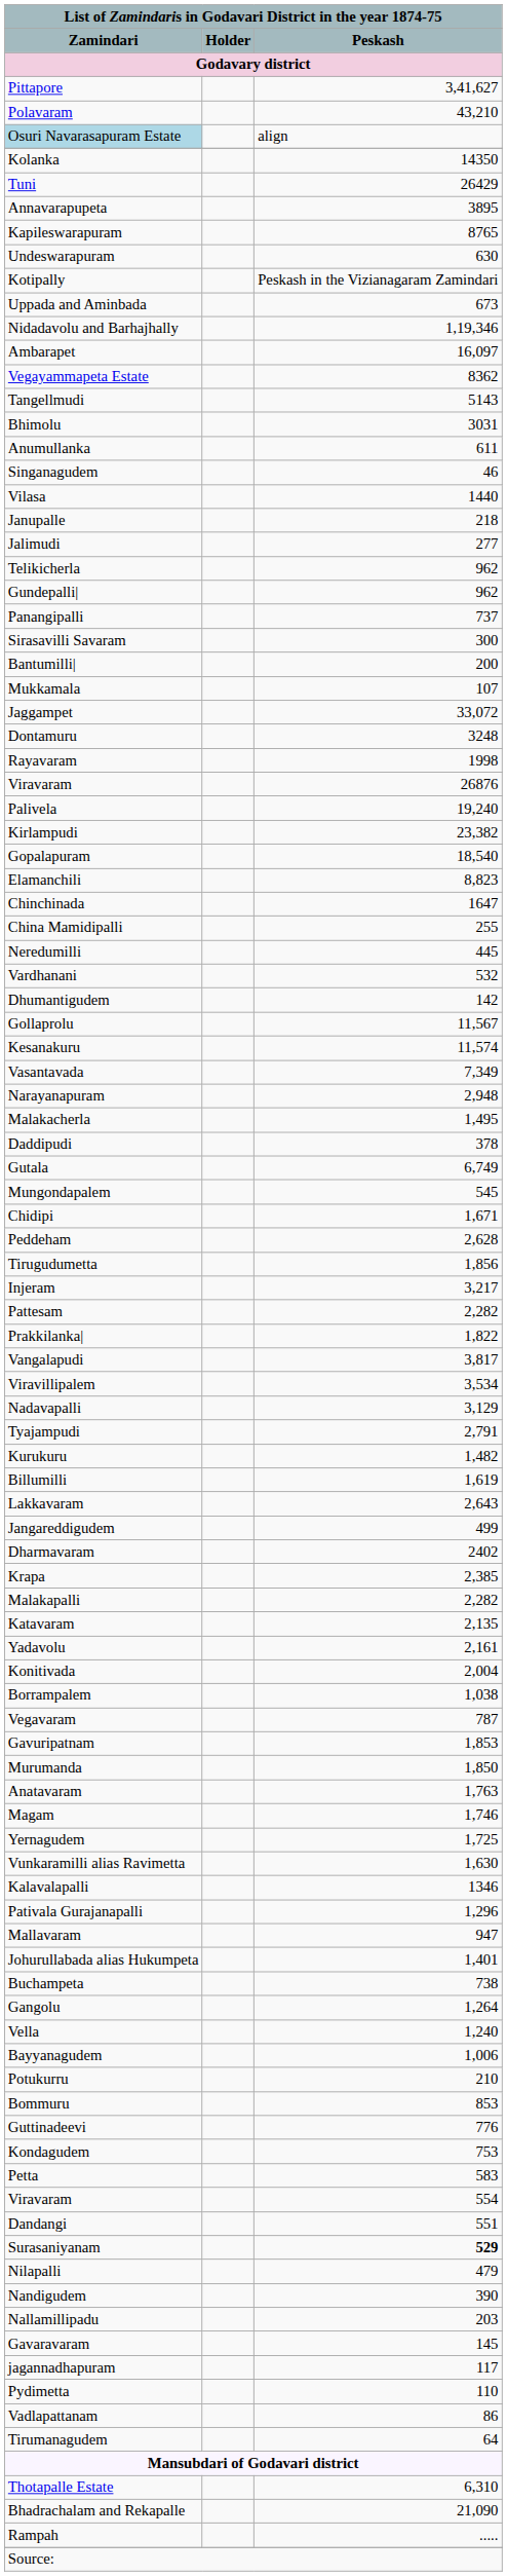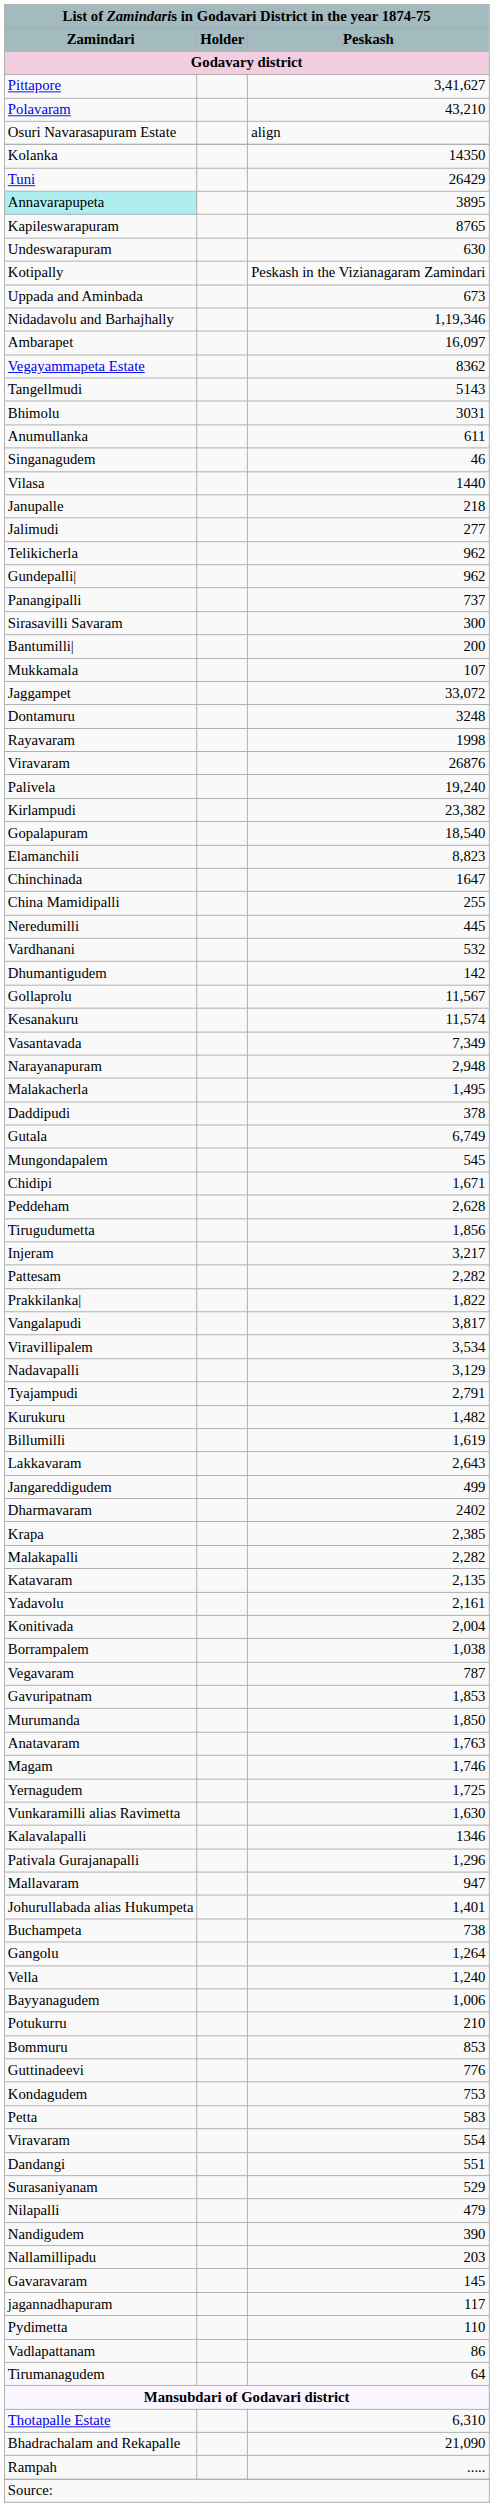 <table class="wikitable sortable" align="center">
 <tr>
 <th style="background-color:#A3BABF" colspan="3">List of <em>Zamindari</em>s in Godavari District in the year 1874-75</th>
 </tr>
 <tr>
 <th style="background-color:#A3BABF">Zamindari</th>
 <th style="background-color:#A3BABF">Holder</th>
 <th style="background-color:#A3BABF">Peskash</th>
 </tr>
 <tr>
 <th style="background-color:#F2CEE0" colspan="4" align="left">Godavary district</th>
 </tr>
 <tr>
 <td align="left"><a href='#'>Pittapore</a></td>
 <td align="right"></td>
 <td align="right">3,41,627</td>
 </tr>
 <tr>
 <td align="left"><a href='#'>Polavaram</a></td>
 <td align="right"></td>
 <td align="right">43,210</td>
 </tr>
 <tr>
-<td align="left" style="background: lightblue;">Osuri Navarasapuram Estate</td>
+<td align="left">Osuri Navarasapuram Estate</td>
 <td align="right"></td>
 <td>align</td>
 </tr>
 <tr>
 </tr>
 <tr>
 <td align="left">Kolanka</td>
 <td align="right"></td>
 <td align="right">14350</td>
 </tr>
 <tr>
 <td align="left"><a href='#'>Tuni</a></td>
 <td align="right"></td>
 <td align="right">26429</td>
 </tr>
 <tr>
-<td align="left">Annavarapupeta</td>
+<td align="left" style="background: paleturquoise;">Annavarapupeta</td>
 <td align="right"></td>
 <td align="right">3895</td>
 </tr>
 <tr>
 <td align="left">Kapileswarapuram</td>
 <td align="right"></td>
 <td align="right">8765</td>
 </tr>
 <tr>
 <td align="left">Undeswarapuram</td>
 <td align="right"></td>
 <td align="right">630</td>
 </tr>
 <tr>
 <td align="left">Kotipally</td>
 <td align="right"></td>
 <td align="right">Peskash in the Vizianagaram Zamindari</td>
 </tr>
 <tr>
 <td align="left">Uppada and Aminbada</td>
 <td align="right"></td>
 <td align="right">673</td>
 </tr>
 <tr>
 <td align="left">Nidadavolu and Barhajhally</td>
 <td align="right"></td>
 <td align="right">1,19,346</td>
 </tr>
 <tr>
 <td align="left">Ambarapet</td>
 <td align="right"></td>
 <td align="right">16,097</td>
 </tr>
 <tr>
 <td align="left"><a href='#'>Vegayammapeta Estate</a></td>
 <td align="right"></td>
 <td align="right">8362</td>
 </tr>
 <tr>
 <td align="left">Tangellmudi</td>
 <td align="right"></td>
 <td align="right">5143</td>
 </tr>
 <tr>
 <td align="left">Bhimolu</td>
 <td align="right"></td>
 <td align="right">3031</td>
 </tr>
 <tr>
 <td align="left">Anumullanka</td>
 <td align="right"></td>
 <td align="right">611</td>
 </tr>
 <tr>
 <td align="left">Singanagudem</td>
 <td align="right"></td>
 <td align="right">46</td>
 </tr>
 <tr>
 <td align="left">Vilasa</td>
 <td align="right"></td>
 <td align="right">1440</td>
 </tr>
 <tr>
 <td align="left">Janupalle</td>
 <td align="right"></td>
 <td align="right">218</td>
 </tr>
 <tr>
 <td align="left">Jalimudi</td>
 <td align="right"></td>
 <td align="right">277</td>
 </tr>
 <tr>
 <td align="left">Telikicherla</td>
 <td align="right"></td>
 <td align="right">962</td>
 </tr>
 <tr>
 <td align="left">Gundepalli|</td>
 <td align="right"></td>
 <td align="right">962</td>
 </tr>
 <tr>
 <td align="left">Panangipalli</td>
 <td align="right"></td>
 <td align="right">737</td>
 </tr>
 <tr>
 <td align="left">Sirasavilli Savaram</td>
 <td align="right"></td>
 <td align="right">300</td>
 </tr>
 <tr>
 <td align="left">Bantumilli|</td>
 <td align="right"></td>
 <td align="right">200</td>
 </tr>
 <tr>
 <td align="left">Mukkamala</td>
 <td align="right"></td>
 <td align="right">107</td>
 </tr>
 <tr>
 <td align="left">Jaggampet</td>
 <td align="right"></td>
 <td align="right">33,072</td>
 </tr>
 <tr>
 <td align="left">Dontamuru</td>
 <td align="right"></td>
 <td align="right">3248</td>
 </tr>
 <tr>
 <td align="left">Rayavaram</td>
 <td align="right"></td>
 <td align="right">1998</td>
 </tr>
 <tr>
 <td align="left">Viravaram</td>
 <td align="right"></td>
 <td align="right">26876</td>
 </tr>
 <tr>
 <td align="left">Palivela</td>
 <td align="right"></td>
 <td align="right">19,240</td>
 </tr>
 <tr>
 <td align="left">Kirlampudi</td>
 <td align="right"></td>
 <td align="right">23,382</td>
 </tr>
 <tr>
 <td align="left">Gopalapuram</td>
 <td align="right"></td>
 <td align="right">18,540</td>
 </tr>
 <tr>
 <td align="left">Elamanchili</td>
 <td align="right"></td>
 <td align="right">8,823</td>
 </tr>
 <tr>
 <td align="left">Chinchinada</td>
 <td align="right"></td>
 <td align="right">1647</td>
 </tr>
 <tr>
 <td align="left">China Mamidipalli</td>
 <td align="right"></td>
 <td align="right">255</td>
 </tr>
 <tr>
 <td align="left">Neredumilli</td>
 <td align="right"></td>
 <td align="right">445</td>
 </tr>
 <tr>
 <td align="left">Vardhanani</td>
 <td align="right"></td>
 <td align="right">532</td>
 </tr>
 <tr>
 <td align="left">Dhumantigudem</td>
 <td align="right"></td>
 <td align="right">142</td>
 </tr>
 <tr>
 <td align="left">Gollaprolu</td>
 <td align="right"></td>
 <td align="right">11,567</td>
 </tr>
 <tr>
 <td align="left">Kesanakuru</td>
 <td align="right"></td>
 <td align="right">11,574</td>
 </tr>
 <tr>
 <td align="left">Vasantavada</td>
 <td align="right"></td>
 <td align="right">7,349</td>
 </tr>
 <tr>
 <td align="left">Narayanapuram</td>
 <td align="right"></td>
 <td align="right">2,948</td>
 </tr>
 <tr>
 <td align="left">Malakacherla</td>
 <td align="right"></td>
 <td align="right">1,495</td>
 </tr>
 <tr>
 <td align="left">Daddipudi</td>
 <td align="right"></td>
 <td align="right">378</td>
 </tr>
 <tr>
 <td align="left">Gutala</td>
 <td align="right"></td>
 <td align="right">6,749</td>
 </tr>
 <tr>
 <td align="left">Mungondapalem</td>
 <td align="right"></td>
 <td align="right">545</td>
 </tr>
 <tr>
 <td align="left">Chidipi</td>
 <td align="right"></td>
 <td align="right">1,671</td>
 </tr>
 <tr>
 <td align="left">Peddeham</td>
 <td align="right"></td>
 <td align="right">2,628</td>
 </tr>
 <tr>
 <td align="left">Tirugudumetta</td>
 <td align="right"></td>
 <td align="right">1,856</td>
 </tr>
 <tr>
 <td align="left">Injeram</td>
 <td align="right"></td>
 <td align="right">3,217</td>
 </tr>
 <tr>
 <td align="left">Pattesam</td>
 <td align="right"></td>
 <td align="right">2,282</td>
 </tr>
 <tr>
 <td align="left">Prakkilanka|</td>
 <td align="right"></td>
 <td align="right">1,822</td>
 </tr>
 <tr>
 <td align="left">Vangalapudi</td>
 <td align="right"></td>
 <td align="right">3,817</td>
 </tr>
 <tr>
 <td align="left">Viravillipalem</td>
 <td align="right"></td>
 <td align="right">3,534</td>
 </tr>
 <tr>
 <td align="left">Nadavapalli</td>
 <td align="right"></td>
 <td align="right">3,129</td>
 </tr>
 <tr>
 <td align="left">Tyajampudi</td>
 <td align="right"></td>
 <td align="right">2,791</td>
 </tr>
 <tr>
 <td align="left">Kurukuru</td>
 <td align="right"></td>
 <td align="right">1,482</td>
 </tr>
 <tr>
 <td align="left">Billumilli</td>
 <td align="right"></td>
 <td align="right">1,619</td>
 </tr>
 <tr>
 <td align="left">Lakkavaram</td>
 <td align="right"></td>
 <td align="right">2,643</td>
 </tr>
 <tr>
 <td align="left">Jangareddigudem</td>
 <td align="right"></td>
 <td align="right">499</td>
 </tr>
 <tr>
 <td align="left">Dharmavaram</td>
 <td align="right"></td>
 <td align="right">2402</td>
 </tr>
 <tr>
 <td align="left">Krapa</td>
 <td align="right"></td>
 <td align="right">2,385</td>
 </tr>
 <tr>
 <td align="left">Malakapalli</td>
 <td align="right"></td>
 <td align="right">2,282</td>
 </tr>
 <tr>
 <td align="left">Katavaram</td>
 <td align="right"></td>
 <td align="right">2,135</td>
 </tr>
 <tr>
 <td align="left">Yadavolu</td>
 <td align="right"></td>
 <td align="right">2,161</td>
 </tr>
 <tr>
 <td align="left">Konitivada</td>
 <td align="right"></td>
 <td align="right">2,004</td>
 </tr>
 <tr>
 <td align="left">Borrampalem</td>
 <td align="right"></td>
 <td align="right">1,038</td>
 </tr>
 <tr>
 <td align="left">Vegavaram</td>
 <td align="right"></td>
 <td align="right">787</td>
 </tr>
 <tr>
 <td align="left">Gavuripatnam</td>
 <td align="right"></td>
 <td align="right">1,853</td>
 </tr>
 <tr>
 <td align="left">Murumanda</td>
 <td align="right"></td>
 <td align="right">1,850</td>
 </tr>
 <tr>
 <td align="left">Anatavaram</td>
 <td align="right"></td>
 <td align="right">1,763</td>
 </tr>
 <tr>
 <td align="left">Magam</td>
 <td align="right"></td>
 <td align="right">1,746</td>
 </tr>
 <tr>
 <td align="left">Yernagudem</td>
 <td align="right"></td>
 <td align="right">1,725</td>
 </tr>
 <tr>
 <td align="left">Vunkaramilli alias Ravimetta</td>
 <td align="right"></td>
 <td align="right">1,630</td>
 </tr>
 <tr>
 <td align="left">Kalavalapalli</td>
 <td align="right"></td>
 <td align="right">1346</td>
 </tr>
 <tr>
 <td align="left">Pativala Gurajanapalli</td>
 <td align="right"></td>
 <td align="right">1,296</td>
 </tr>
 <tr>
 <td align="left">Mallavaram</td>
 <td align="right"></td>
 <td align="right">947</td>
 </tr>
 <tr>
 <td align="left">Johurullabada alias Hukumpeta</td>
 <td align="right"></td>
 <td align="right">1,401</td>
 </tr>
 <tr>
 <td align="left">Buchampeta</td>
 <td align="right"></td>
 <td align="right">738</td>
 </tr>
 <tr>
 <td align="left">Gangolu</td>
 <td align="right"></td>
 <td align="right">1,264</td>
 </tr>
 <tr>
 <td align="left">Vella</td>
 <td align="right"></td>
 <td align="right">1,240</td>
 </tr>
 <tr>
 <td align="left">Bayyanagudem</td>
 <td align="right"></td>
 <td align="right">1,006</td>
 </tr>
 <tr>
 <td align="left">Potukurru</td>
 <td align="right"></td>
 <td align="right">210</td>
 </tr>
 <tr>
 <td align="left">Bommuru</td>
 <td align="right"></td>
 <td align="right">853</td>
 </tr>
 <tr>
 <td align="left">Guttinadeevi</td>
 <td align="right"></td>
 <td align="right">776</td>
 </tr>
 <tr>
 <td align="left">Kondagudem</td>
 <td align="right"></td>
 <td align="right">753</td>
 </tr>
 <tr>
 <td align="left">Petta</td>
 <td align="right"></td>
 <td align="right">583</td>
 </tr>
 <tr>
 <td align="left">Viravaram</td>
 <td align="right"></td>
 <td align="right">554</td>
 </tr>
 <tr>
 <td align="left">Dandangi</td>
 <td align="right"></td>
 <td align="right">551</td>
 </tr>
 <tr>
 <td align="left">Surasaniyanam</td>
 <td align="right"></td>
-<td align="right"><strong>529</strong></td>
+<td align="right">529</td>
 </tr>
 <tr>
 <td align="left">Nilapalli</td>
 <td align="right"></td>
 <td align="right">479</td>
 </tr>
 <tr>
 <td align="left">Nandigudem</td>
 <td align="right"></td>
 <td align="right">390</td>
 </tr>
 <tr>
 <td align="left">Nallamillipadu</td>
 <td align="right"></td>
 <td align="right">203</td>
 </tr>
 <tr>
 <td align="left">Gavaravaram</td>
 <td align="right"></td>
 <td align="right">145</td>
 </tr>
 <tr>
 <td align="left">jagannadhapuram</td>
 <td align="right"></td>
 <td align="right">117</td>
 </tr>
 <tr>
 <td align="left">Pydimetta</td>
 <td align="right"></td>
 <td align="right">110</td>
 </tr>
 <tr>
 <td align="left">Vadlapattanam</td>
 <td align="right"></td>
 <td align="right">86</td>
 </tr>
 <tr>
 <td align="left">Tirumanagudem</td>
 <td align="right"></td>
 <td align="right">64</td>
 </tr>
 <tr>
 <th style="background-color:#FAF5FF" colspan="4" align="right">Mansubdari of Godavari district</th>
 </tr>
 <tr>
 <td align="left"><a href='#'>Thotapalle Estate</a></td>
 <td align="right"></td>
 <td align="right">6,310</td>
 </tr>
 <tr>
 <td align="left">Bhadrachalam and Rekapalle</td>
 <td align="right"></td>
 <td align="right">21,090</td>
 </tr>
 <tr>
 <td align="left">Rampah</td>
 <td align="right"></td>
 <td align="right">.....</td>
 </tr>
 <tr>
 </tr>
 <tr>
 <td colspan=3>Source:</td>
 </tr>
 </table>
